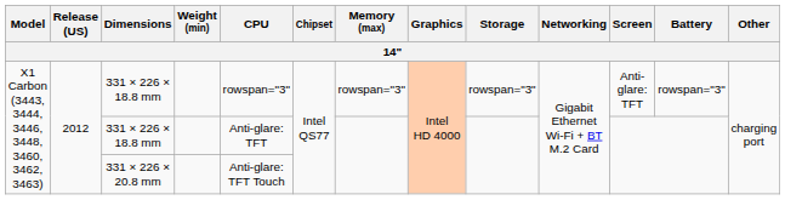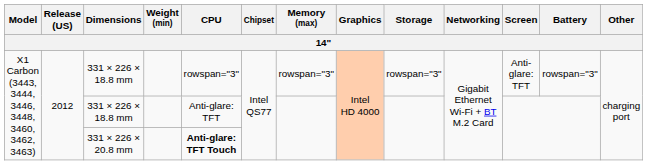 <table class="wikitable" style="font-size: 80%; text-align: center; min-width: 80%;">
 <tr>
 <th>Model</th>
 <th>Release (US)</th>
 <th>Dimensions</th>
 <th>Weight <sup>(min)</sup></th>
 <th style="width:17%">CPU</th>
 <th><small>Chipset</small></th>
 <th>Memory <sup>(max)</sup></th>
 <th>Graphics</th>
 <th>Storage</th>
 <th>Networking</th>
 <th>Screen</th>
 <th>Battery</th>
 <th>Other</th>
 </tr>
 <tr>
 <th colspan=13>14"</th>
 </tr>
 <tr>
 <td rowspan="3">X1 Carbon <br>(3443, 3444, 3446, 3448, 3460, 3462, 3463)</td>
 <td rowspan="3">2012</td>
 <td>331 × 226 × 18.8 mm</td>
 <td></td>
 <td>rowspan="3" </td>
 <td rowspan="3">Intel<br>QS77</td>
 <td>rowspan="3" </td>
 <td rowspan="3" style="background:#ffcead;">Intel<br>HD 4000</td>
 <td>rowspan="3" </td>
 <td rowspan="3"> Gigabit Ethernet<br>Wi-Fi + <a href='#'>BT</a> M.2 Card<br><small></small></td>
 <td style="background:">Anti-glare: <br> TFT</td>
 <td>rowspan="3" </td>
 <td rowspan="3"><br>charging port</td>
 </tr>
 <tr>
 <td>331 × 226 × 18.8 mm</td>
 <td></td>
 <td style="background:">Anti-glare: <br> TFT</td>
 </tr>
 <tr>
 <td>331 × 226 × 20.8 mm</td>
 <td></td>
-<td style="background:">Anti-glare: <br> TFT Touch</td>
+<td style="background:"><strong>Anti-glare: <br> TFT Touch</strong></td>
 </tr>
 </table>
